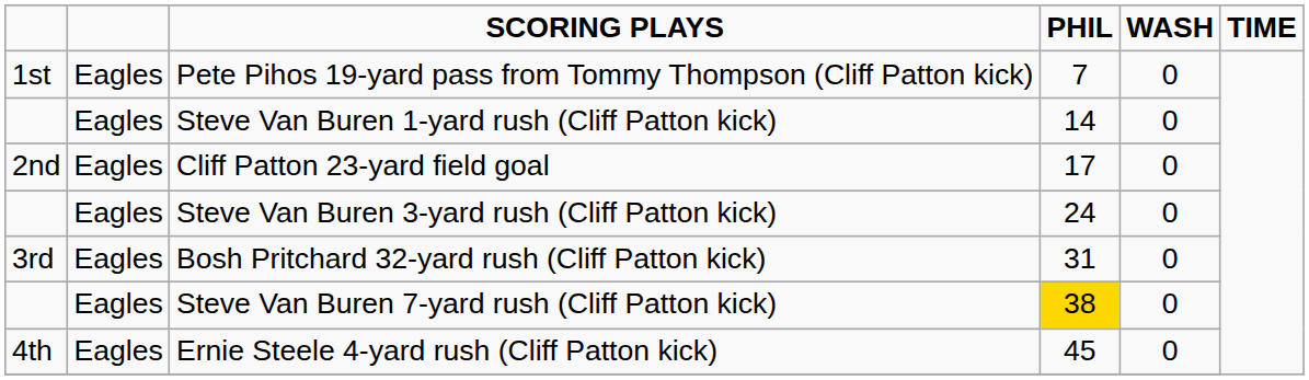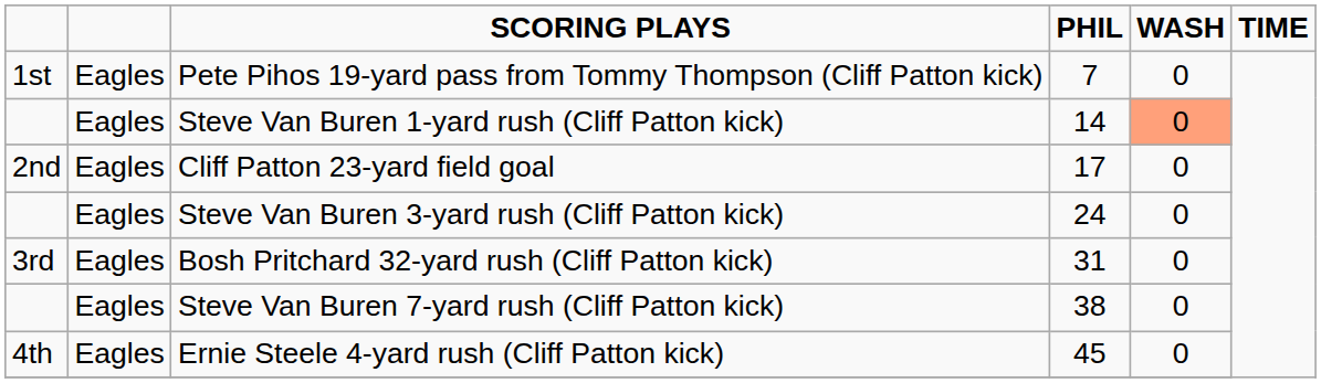 <table class="wikitable">
 <tr align=center>
 <td></td>
 <td></td>
 <td><strong>SCORING PLAYS</strong></td>
 <td><strong>PHIL</strong></td>
 <td><strong>WASH</strong></td>
 <td><strong>TIME</strong></td>
 </tr>
 <tr align=left>
 <td>1st</td>
 <td>Eagles</td>
 <td>Pete Pihos 19-yard pass from Tommy Thompson (Cliff Patton kick)</td>
 <td - align="center">7</td>
 <td - align="center">0</td>
 </tr>
 <tr align=left>
 <td></td>
 <td>Eagles</td>
 <td>Steve Van Buren 1-yard rush (Cliff Patton kick)</td>
 <td - align="center">14</td>
-<td - align="center">0</td>
+<td - align="center" style="background: lightsalmon;">0</td>
 </tr>
 <tr align=left>
 <td>2nd</td>
 <td>Eagles</td>
 <td>Cliff Patton 23-yard field goal</td>
 <td - align="center">17</td>
 <td - align="center">0</td>
 </tr>
 <tr align=left>
 <td></td>
 <td>Eagles</td>
 <td>Steve Van Buren 3-yard rush (Cliff Patton kick)</td>
 <td - align="center">24</td>
 <td - align="center">0</td>
 </tr>
 <tr align=left>
 <td>3rd</td>
 <td>Eagles</td>
 <td>Bosh Pritchard 32-yard rush (Cliff Patton kick)</td>
 <td - align="center">31</td>
 <td - align="center">0</td>
 </tr>
 <tr align=left>
 <td></td>
 <td>Eagles</td>
 <td>Steve Van Buren 7-yard rush (Cliff Patton kick)</td>
-<td - align="center" style="background: gold;">38</td>
+<td - align="center">38</td>
 <td - align="center">0</td>
 </tr>
 <tr align=left>
 <td>4th</td>
 <td>Eagles</td>
 <td>Ernie Steele 4-yard rush  (Cliff Patton kick)</td>
 <td - align="center">45</td>
 <td - align="center">0</td>
 </tr>
 <tr align=left>
 </tr>
 </table>
